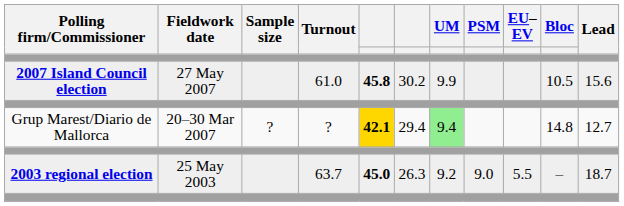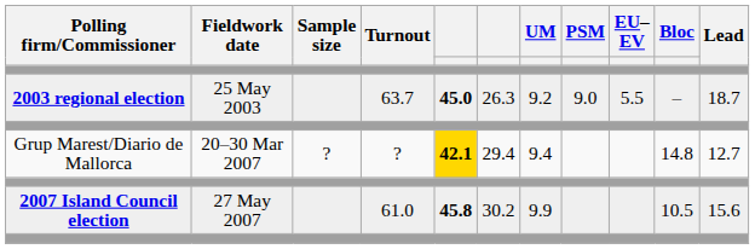 <table class="wikitable collapsible collapsed" style="text-align:center; font-size:95%; line-height:16px;">
 <tr style="height:42px;">
 <th style="width:250px;" rowspan="2">Polling firm/Commissioner</th>
 <th style="width:125px;" rowspan="2">Fieldwork date</th>
 <th style="width:50px;" rowspan="2">Sample size</th>
 <th style="width:45px;" rowspan="2">Turnout</th>
 <th style="width:35px;"></th>
 <th style="width:35px;"></th>
 <th style="width:35px;"><a href='#'>UM</a></th>
 <th style="width:35px;"><a href='#'>PSM</a></th>
 <th style="width:35px;"><a href='#'>EU</a>–<a href='#'>EV</a></th>
 <th style="width:35px;"><a href='#'>Bloc</a></th>
 <th style="width:30px;" rowspan="2">Lead</th>
 </tr>
 <tr>
 <th style="color:inherit;background:"></th>
 <th style="color:inherit;background:"></th>
 <th style="color:inherit;background:"></th>
 <th style="color:inherit;background:"></th>
 <th style="color:inherit;background:"></th>
 <th style="color:inherit;background:"></th>
 </tr>
 <tr>
 <td colspan="11" style="background:#A0A0A0"></td>
 </tr>
 <tr style="background:#EFEFEF;">
+<td><strong><a href='#'>2003 regional election</a></strong></td>
+<td>25 May 2003</td>
+<td></td>
+<td>63.7</td>
+<td><strong>45.0</strong><br></td>
+<td>26.3<br></td>
+<td>9.2<br></td>
+<td>9.0<br></td>
+<td>5.5<br></td>
+<td>–</td>
+<td style="background:">18.7</td>
+</tr>
+<tr>
+<td colspan="11" style="background:#A0A0A0"></td>
+</tr>
+<tr>
+<td>Grup Marest/Diario de Mallorca</td>
+<td>20–30 Mar 2007</td>
+<td>?</td>
+<td>?</td>
+<td style="background: gold;"><strong>42.1</strong><br></td>
+<td>29.4<br></td>
+<td>9.4<br></td>
+<td></td>
+<td></td>
+<td>14.8<br></td>
+<td style="background:">12.7</td>
+</tr>
+<tr>
+<td colspan="11" style="background:#A0A0A0"></td>
+</tr>
+<tr style="background:#EFEFEF;">
 <td><strong><a href='#'>2007 Island Council election</a></strong></td>
 <td>27 May 2007</td>
 <td></td>
 <td>61.0</td>
 <td><strong>45.8</strong><br></td>
 <td>30.2<br></td>
 <td>9.9<br></td>
 <td></td>
 <td></td>
 <td>10.5<br></td>
 <td style="background:">15.6</td>
 </tr>
 <tr>
 <td colspan="11" style="background:#A0A0A0"></td>
 </tr>
-<tr>
-<td>Grup Marest/Diario de Mallorca</td>
-<td>20–30 Mar 2007</td>
-<td>?</td>
-<td>?</td>
-<td style="background: gold;"><strong>42.1</strong><br></td>
-<td>29.4<br></td>
-<td style="background: lightgreen;">9.4<br></td>
-<td></td>
-<td></td>
-<td>14.8<br></td>
-<td style="background:">12.7</td>
-</tr>
-<tr>
-<td colspan="11" style="background:#A0A0A0"></td>
-</tr>
-<tr style="background:#EFEFEF;">
-<td><strong><a href='#'>2003 regional election</a></strong></td>
-<td>25 May 2003</td>
-<td></td>
-<td>63.7</td>
-<td><strong>45.0</strong><br></td>
-<td>26.3<br></td>
-<td>9.2<br></td>
-<td>9.0<br></td>
-<td>5.5<br></td>
-<td>–</td>
-<td style="background:">18.7</td>
-</tr>
-<tr>
-<td colspan="11" style="background:#A0A0A0"></td>
-</tr>
 </table>
